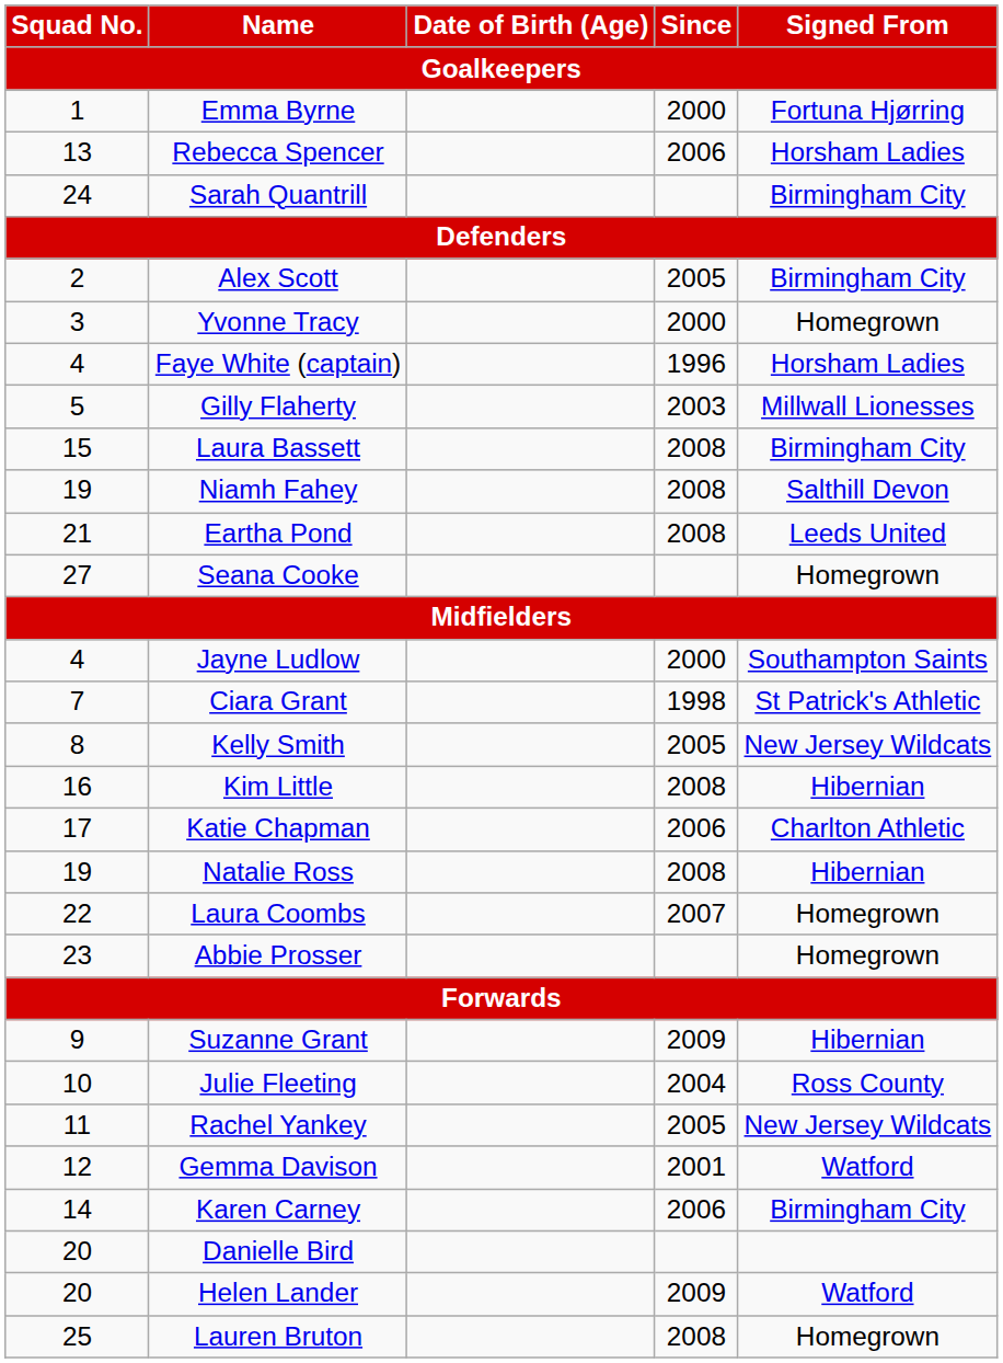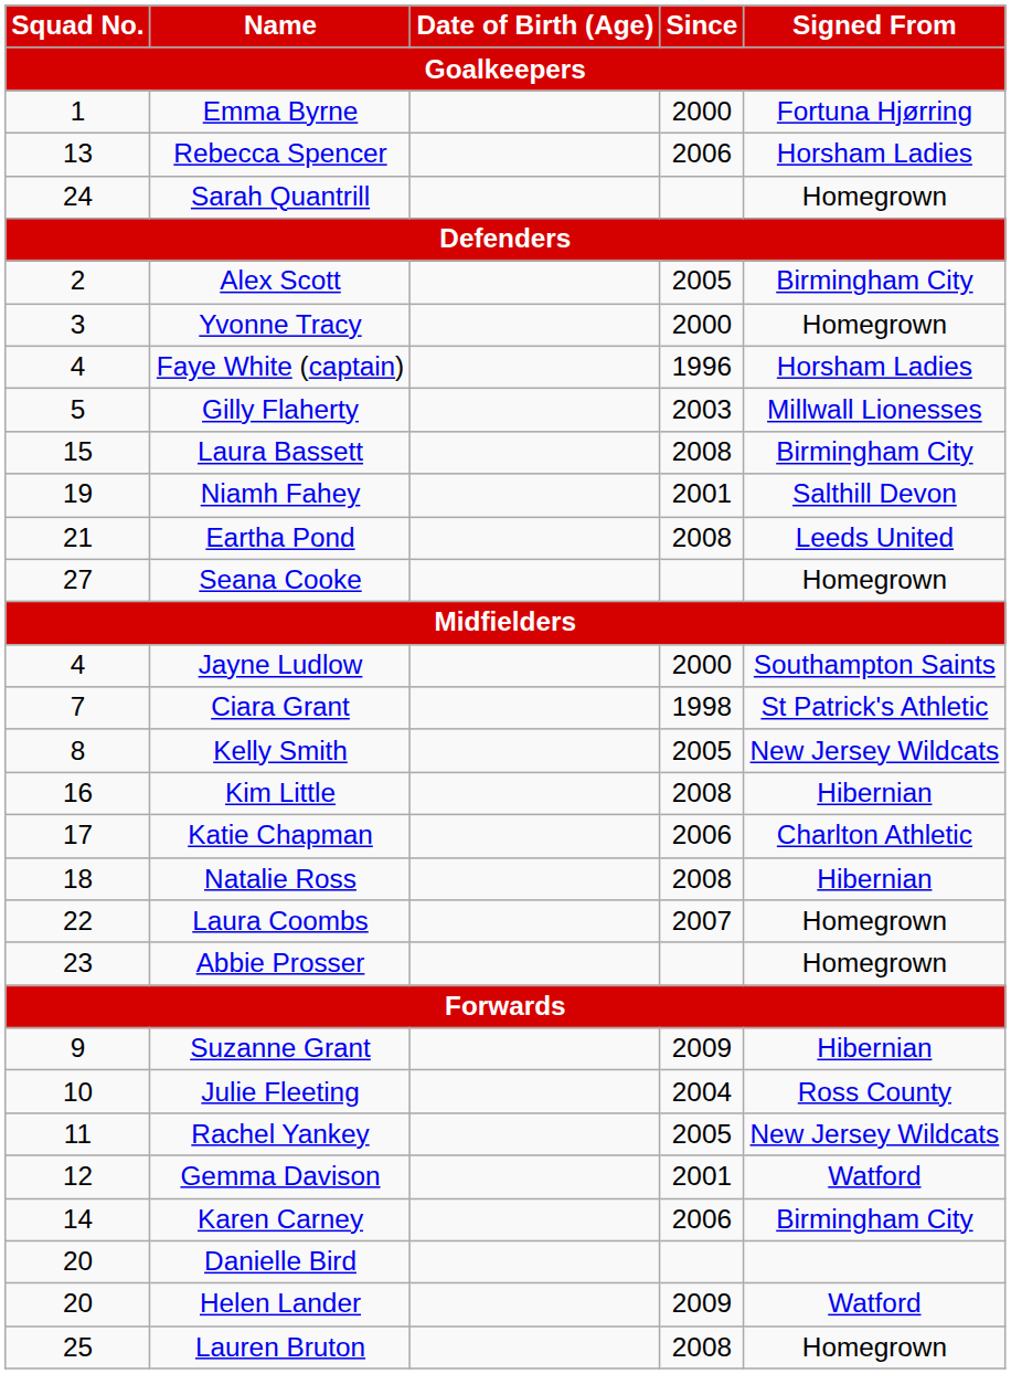 <table class="wikitable" style="text-align:center; font-size:100%; ">
 <tr>
 <th style="background:#d50000; color:white; text-align:center;">Squad No.</th>
 <th style="background:#d50000; color:white; text-align:center;">Name</th>
 <th style="background:#d50000; color:white; text-align:center;">Date of Birth (Age)</th>
 <th style="background:#d50000; color:white; text-align:center;">Since</th>
 <th style="background:#d50000; color:white; text-align:center;">Signed From</th>
 </tr>
 <tr>
 <th colspan="5" style="background:#d50000; color:white; text-align:center">Goalkeepers</th>
 </tr>
 <tr>
 <td>1</td>
 <td> <a href='#'>Emma Byrne</a></td>
 <td></td>
 <td>2000</td>
 <td> <a href='#'>Fortuna Hjørring</a></td>
 </tr>
 <tr>
 <td>13</td>
 <td><em></em> <a href='#'>Rebecca Spencer</a></td>
 <td></td>
 <td>2006</td>
 <td> <a href='#'>Horsham Ladies</a></td>
 </tr>
 <tr>
 <td>24</td>
 <td> <a href='#'>Sarah Quantrill</a></td>
 <td></td>
 <td></td>
-<td> <a href='#'>Birmingham City</a></td>
+<td>Homegrown</td>
 </tr>
 <tr>
 <th colspan="5" style="background:#d50000; color:white; text-align:center">Defenders</th>
 </tr>
 <tr>
 <td>2</td>
 <td> <a href='#'>Alex Scott</a></td>
 <td></td>
 <td>2005</td>
 <td> <a href='#'>Birmingham City</a></td>
 </tr>
 <tr>
 <td>3</td>
 <td> <a href='#'>Yvonne Tracy</a></td>
 <td></td>
 <td>2000</td>
 <td>Homegrown</td>
 </tr>
 <tr>
 <td>4</td>
 <td> <a href='#'>Faye White</a> (<a href='#'>captain</a>)</td>
 <td></td>
 <td>1996</td>
 <td> <a href='#'>Horsham Ladies</a></td>
 </tr>
 <tr>
 <td>5</td>
 <td> <a href='#'>Gilly Flaherty</a></td>
 <td></td>
 <td>2003</td>
 <td> <a href='#'>Millwall Lionesses</a></td>
 </tr>
 <tr>
 <td>15</td>
 <td> <a href='#'>Laura Bassett</a></td>
 <td></td>
 <td>2008</td>
 <td> <a href='#'>Birmingham City</a></td>
 </tr>
 <tr>
 <td>19</td>
 <td> <a href='#'>Niamh Fahey</a></td>
 <td></td>
-<td>2008</td>
+<td>2001</td>
 <td> <a href='#'>Salthill Devon</a></td>
 </tr>
 <tr>
 <td>21</td>
 <td> <a href='#'>Eartha Pond</a></td>
 <td></td>
 <td>2008</td>
 <td> <a href='#'>Leeds United</a></td>
 </tr>
 <tr>
 <td>27</td>
 <td> <a href='#'>Seana Cooke</a></td>
 <td></td>
 <td></td>
 <td>Homegrown</td>
 </tr>
 <tr>
 <th colspan="5" style="background:#d50000; color:white; text-align:center">Midfielders</th>
 </tr>
 <tr>
 <td>4</td>
 <td> <a href='#'>Jayne Ludlow</a></td>
 <td></td>
 <td>2000</td>
 <td><em></em> <a href='#'>Southampton Saints</a></td>
 </tr>
 <tr>
 <td>7</td>
 <td> <a href='#'>Ciara Grant</a></td>
 <td></td>
 <td>1998</td>
 <td> <a href='#'>St Patrick's Athletic</a></td>
 </tr>
 <tr>
 <td>8</td>
 <td> <a href='#'>Kelly Smith</a></td>
 <td></td>
 <td>2005</td>
 <td> <a href='#'>New Jersey Wildcats</a></td>
 </tr>
 <tr>
 <td>16</td>
 <td> <a href='#'>Kim Little</a></td>
 <td></td>
 <td>2008</td>
 <td> <a href='#'>Hibernian</a></td>
 </tr>
 <tr>
 <td>17</td>
 <td><em></em> <a href='#'>Katie Chapman</a></td>
 <td></td>
 <td>2006</td>
 <td> <a href='#'>Charlton Athletic</a></td>
 </tr>
 <tr>
-<td>19</td>
+<td>18</td>
 <td> <a href='#'>Natalie Ross</a></td>
 <td></td>
 <td>2008</td>
 <td> <a href='#'>Hibernian</a></td>
 </tr>
 <tr>
 <td>22</td>
 <td><em></em> <a href='#'>Laura Coombs</a></td>
 <td></td>
 <td>2007</td>
 <td>Homegrown</td>
 </tr>
 <tr>
 <td>23</td>
 <td> <a href='#'>Abbie Prosser</a></td>
 <td></td>
 <td></td>
 <td>Homegrown</td>
 </tr>
 <tr>
 <th colspan="5" style="background:#d50000; color:white; text-align:center">Forwards</th>
 </tr>
 <tr>
 <td>9</td>
 <td> <a href='#'>Suzanne Grant</a></td>
 <td></td>
 <td>2009</td>
 <td> <a href='#'>Hibernian</a></td>
 </tr>
 <tr>
 <td>10</td>
 <td> <a href='#'>Julie Fleeting</a></td>
 <td></td>
 <td>2004</td>
 <td> <a href='#'>Ross County</a></td>
 </tr>
 <tr>
 <td>11</td>
 <td> <a href='#'>Rachel Yankey</a></td>
 <td></td>
 <td>2005</td>
 <td> <a href='#'>New Jersey Wildcats</a></td>
 </tr>
 <tr>
 <td>12</td>
 <td> <a href='#'>Gemma Davison</a></td>
 <td></td>
 <td>2001</td>
 <td> <a href='#'>Watford</a></td>
 </tr>
 <tr>
 <td>14</td>
 <td> <a href='#'>Karen Carney</a></td>
 <td></td>
 <td>2006</td>
 <td> <a href='#'>Birmingham City</a></td>
 </tr>
 <tr>
 <td>20</td>
 <td> <a href='#'>Danielle Bird</a></td>
 <td></td>
 <td></td>
 <td></td>
 </tr>
 <tr>
 <td>20</td>
 <td> <a href='#'>Helen Lander</a></td>
 <td></td>
 <td>2009</td>
 <td> <a href='#'>Watford</a></td>
 </tr>
 <tr>
 <td>25</td>
 <td> <a href='#'>Lauren Bruton</a></td>
 <td></td>
 <td>2008</td>
 <td>Homegrown</td>
 </tr>
 </table>
